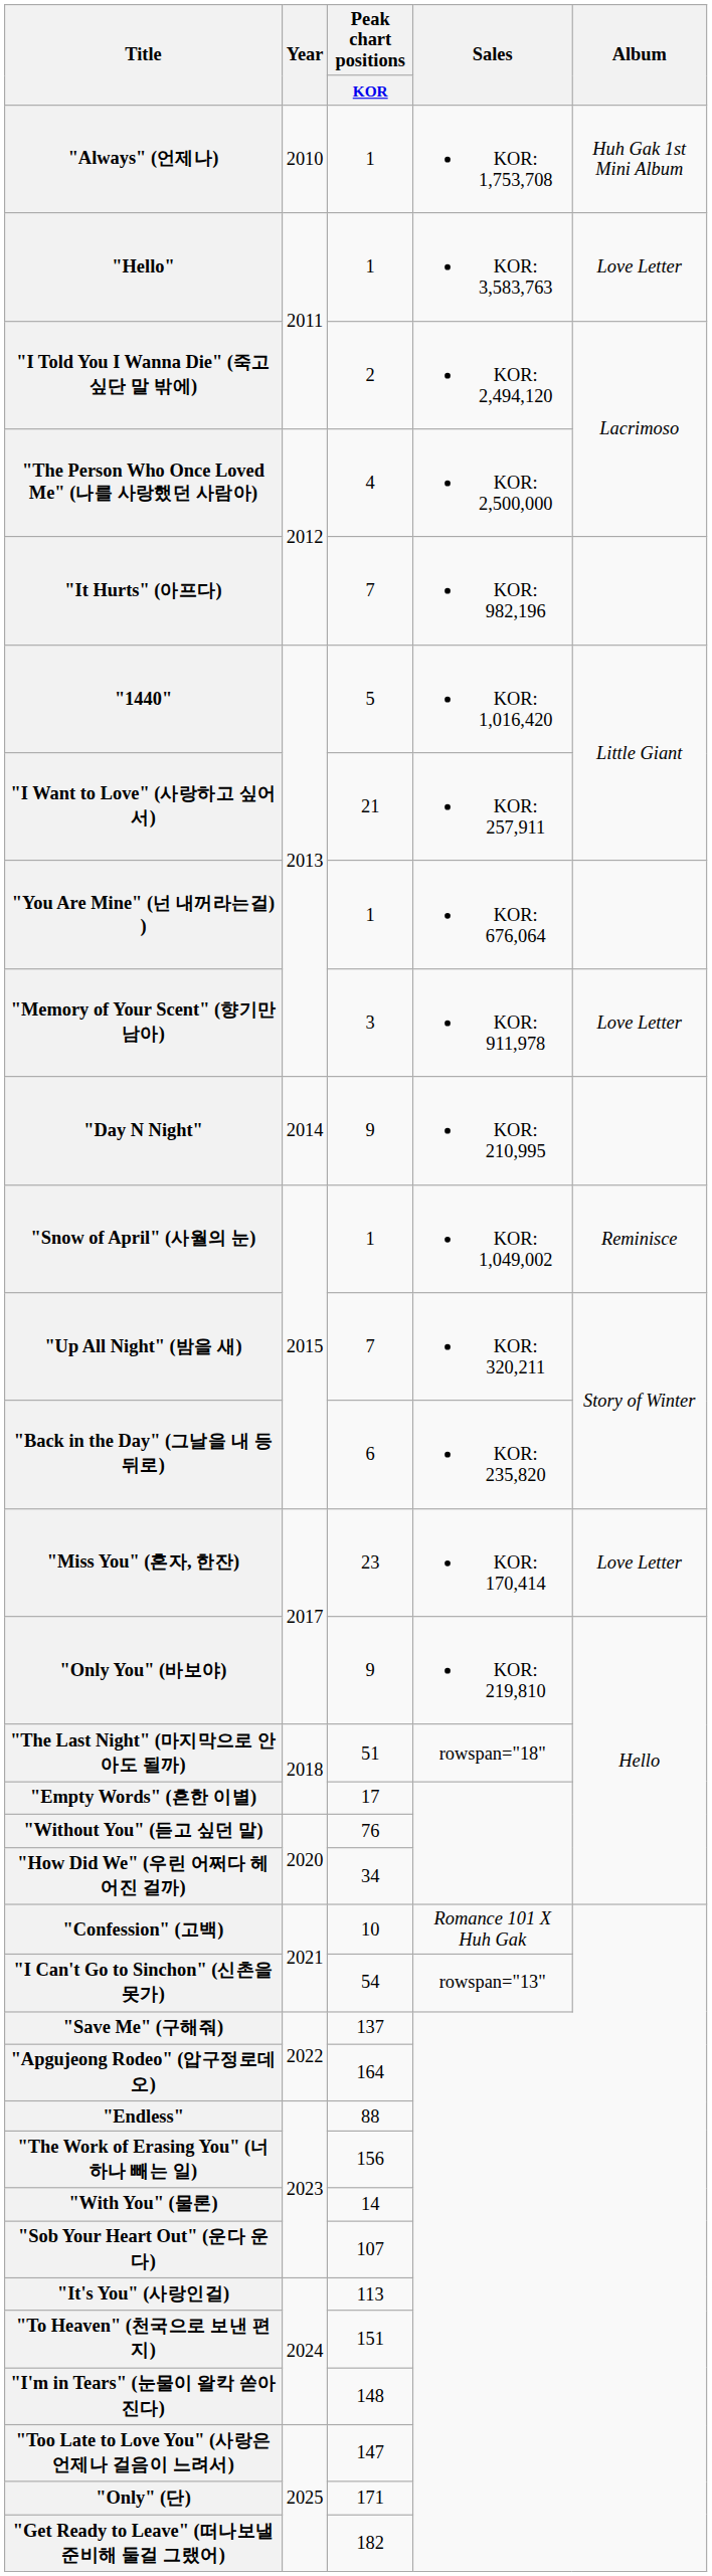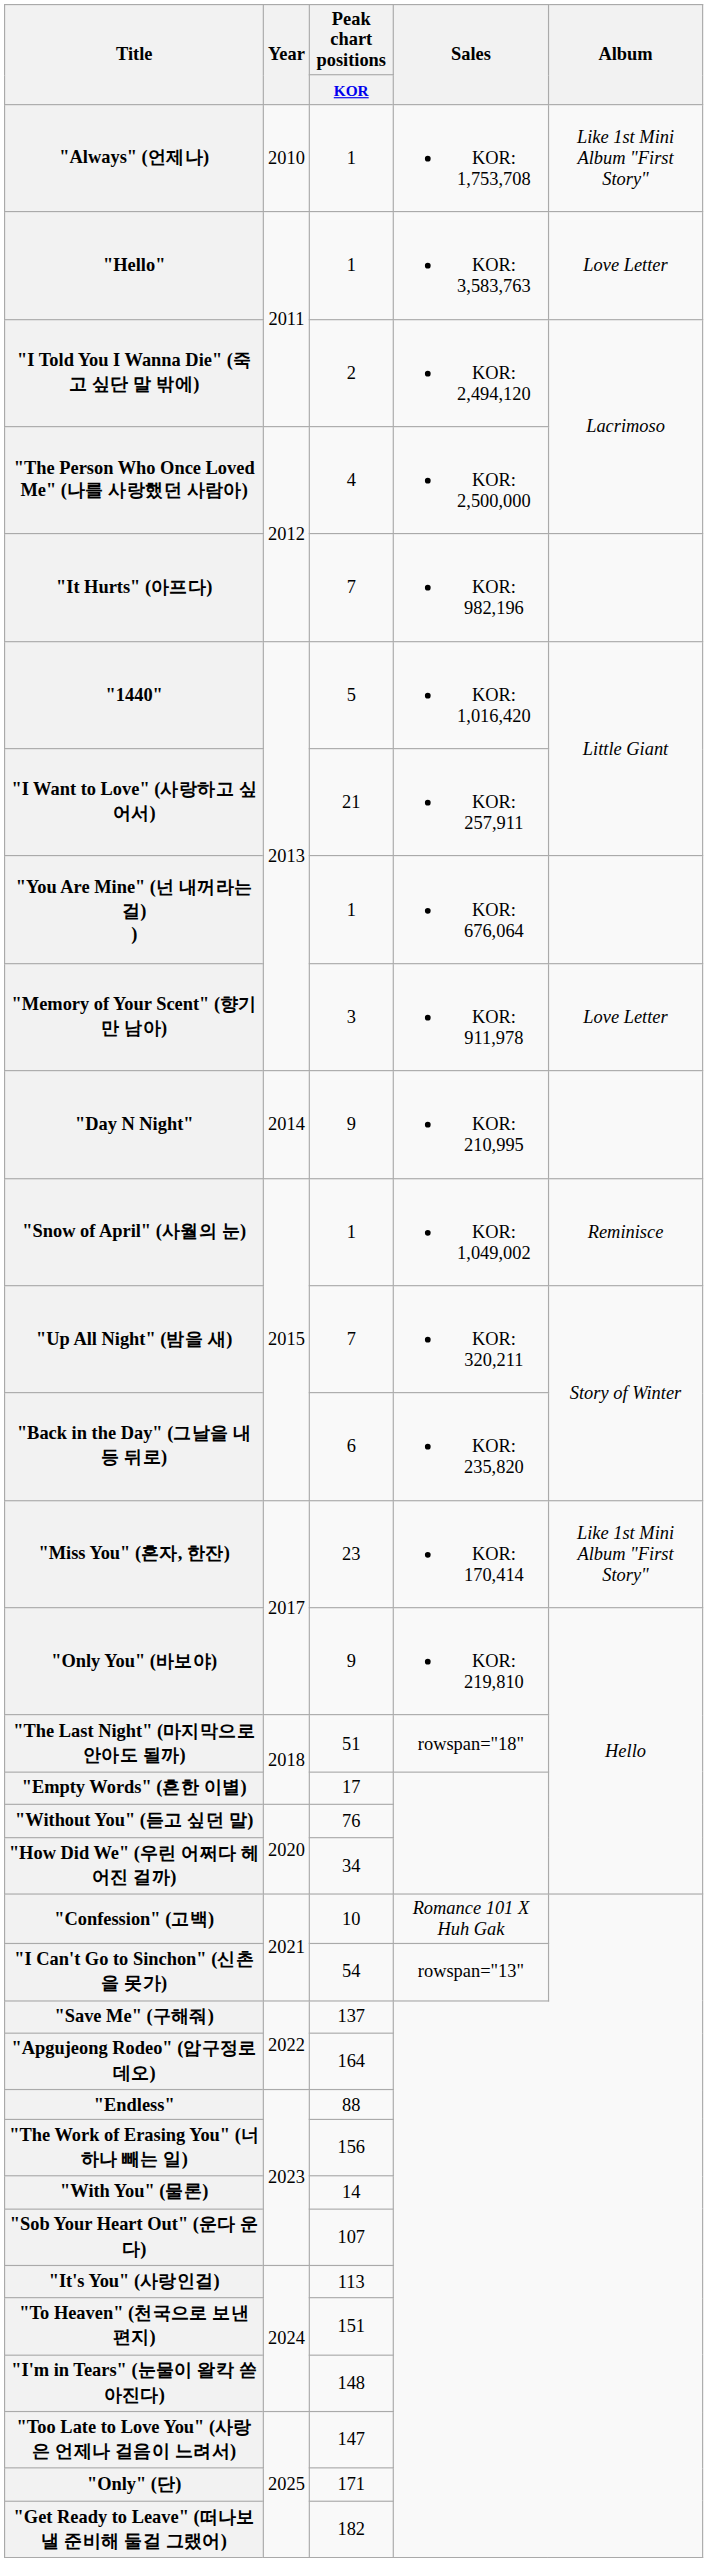 <table class="wikitable plainrowheaders" style="text-align:center;" border="1">
 <tr>
 <th scope="col" rowspan="2">Title</th>
 <th scope="col" rowspan="2">Year</th>
 <th scope="col" colspan="1">Peak chart <br> positions</th>
 <th scope="col" rowspan="2">Sales</th>
 <th scope="col" rowspan="2">Album</th>
 </tr>
 <tr>
 <th><small><a href='#'>KOR</a></small><br></th>
 </tr>
 <tr>
 <th scope="row">"Always" (언제나)</th>
 <td>2010</td>
 <td>1</td>
 <td><br><ul><li>KOR: 1,753,708</li></ul></td>
-<td><em>Huh Gak 1st Mini Album</em></td>
+<td><em>Like 1st Mini Album "First Story"</em></td>
 </tr>
 <tr>
 <th scope="row">"Hello"</th>
 <td rowspan="2">2011</td>
 <td>1</td>
 <td><br><ul><li>KOR: 3,583,763</li></ul></td>
 <td><em>Love Letter</em></td>
 </tr>
 <tr>
 <th scope="row">"I Told You I Wanna Die" (죽고 싶단 말 밖에)</th>
 <td>2</td>
 <td><br><ul><li>KOR: 2,494,120</li></ul></td>
 <td rowspan="2"><em>Lacrimoso</em></td>
 </tr>
 <tr>
 <th scope="row">"The Person Who Once Loved Me" (나를 사랑했던 사람아)</th>
 <td rowspan="2">2012</td>
 <td>4</td>
 <td><br><ul><li>KOR: 2,500,000</li></ul></td>
 </tr>
 <tr>
 <th scope="row">"It Hurts" (아프다)</th>
 <td>7</td>
 <td><br><ul><li>KOR: 982,196</li></ul></td>
 <td></td>
 </tr>
 <tr>
 <th scope="row">"1440"</th>
 <td rowspan="4">2013</td>
 <td>5</td>
 <td><br><ul><li>KOR: 1,016,420</li></ul></td>
 <td rowspan="2"><em>Little Giant</em></td>
 </tr>
 <tr>
 <th scope="row">"I Want to Love" (사랑하고 싶어서)</th>
 <td>21</td>
 <td><br><ul><li>KOR: 257,911</li></ul></td>
 </tr>
 <tr>
 <th scope="row">"You Are Mine" (넌 내꺼라는걸)<br>)</th>
 <td>1</td>
 <td><br><ul><li>KOR: 676,064</li></ul></td>
 <td></td>
 </tr>
 <tr>
 <th scope="row">"Memory of Your Scent" (향기만 남아)</th>
 <td>3</td>
 <td><br><ul><li>KOR: 911,978</li></ul></td>
 <td><em>Love Letter</em></td>
 </tr>
 <tr>
 <th scope="row">"Day N Night"<br></th>
 <td>2014</td>
 <td>9</td>
 <td><br><ul><li>KOR: 210,995</li></ul></td>
 <td></td>
 </tr>
 <tr>
 <th scope="row">"Snow of April" (사월의 눈)</th>
 <td rowspan="3">2015</td>
 <td>1</td>
 <td><br><ul><li>KOR: 1,049,002</li></ul></td>
 <td><em>Reminisce</em></td>
 </tr>
 <tr>
 <th scope="row">"Up All Night" (밤을 새)</th>
 <td>7</td>
 <td><br><ul><li>KOR: 320,211</li></ul></td>
 <td rowspan="2"><em>Story of Winter</em></td>
 </tr>
 <tr>
 <th scope="row">"Back in the Day" (그날을 내 등 뒤로)</th>
 <td>6</td>
 <td><br><ul><li>KOR: 235,820</li></ul></td>
 </tr>
 <tr>
 <th scope="row">"Miss You" (혼자, 한잔)</th>
 <td rowspan="2">2017</td>
 <td>23</td>
 <td><br><ul><li>KOR: 170,414</li></ul></td>
-<td><em>Love Letter</em></td>
+<td><em>Like 1st Mini Album "First Story"</em></td>
 </tr>
 <tr>
 <th scope="row">"Only You" (바보야)</th>
 <td>9</td>
 <td><br><ul><li>KOR: 219,810</li></ul></td>
 <td rowspan="5"><em>Hello</em></td>
 </tr>
 <tr>
 <th scope="row">"The Last Night" (마지막으로 안아도 될까)</th>
 <td rowspan="2">2018</td>
 <td>51</td>
 <td>rowspan="18" </td>
 </tr>
 <tr>
 <th scope="row">"Empty Words" (흔한 이별)</th>
 <td>17</td>
 </tr>
 <tr>
 <th scope="row">"Without You" (듣고 싶던 말)</th>
 <td rowspan="2">2020</td>
 <td>76</td>
 </tr>
 <tr>
 <th scope="row">"How Did We" (우린 어쩌다 헤어진 걸까)</th>
 <td>34</td>
 </tr>
 <tr>
 <th scope="row">"Confession" (고백)</th>
 <td rowspan="2">2021</td>
 <td>10</td>
 <td><em>Romance 101 X Huh Gak</em></td>
 </tr>
 <tr>
 <th scope="row">"I Can't Go to Sinchon" (신촌을 못가)</th>
 <td>54</td>
 <td>rowspan="13" </td>
 </tr>
 <tr>
 <th scope="row">"Save Me" (구해줘)</th>
 <td rowspan="2">2022</td>
 <td>137</td>
 </tr>
 <tr>
 <th scope="row">"Apgujeong Rodeo" (압구정로데오)</th>
 <td>164</td>
 </tr>
 <tr>
 <th scope="row">"Endless"</th>
 <td rowspan="4">2023</td>
 <td>88</td>
 </tr>
 <tr>
 <th scope="row">"The Work of Erasing You" (너 하나 빼는 일)</th>
 <td>156</td>
 </tr>
 <tr>
 <th scope="row">"With You" (물론)</th>
 <td>14</td>
 </tr>
 <tr>
 <th scope="row">"Sob Your Heart Out" (운다 운다)</th>
 <td>107</td>
 </tr>
 <tr>
 <th scope="row">"It's You" (사랑인걸)</th>
 <td rowspan="3">2024</td>
 <td>113</td>
 </tr>
 <tr>
 <th scope="row">"To Heaven" (천국으로 보낸 편지)</th>
 <td>151</td>
 </tr>
 <tr>
 <th scope="row">"I'm in Tears" (눈물이 왈칵 쏟아진다)</th>
 <td>148</td>
 </tr>
 <tr>
 <th scope="row">"Too Late to Love You" (사랑은 언제나 걸음이 느려서)</th>
 <td rowspan="3">2025</td>
 <td>147</td>
 </tr>
 <tr>
 <th scope="row">"Only" (단)</th>
 <td>171</td>
 </tr>
 <tr>
 <th scope="row">"Get Ready to Leave" (떠나보낼 준비해 둘걸 그랬어)<br></th>
 <td>182</td>
 </tr>
 </table>
